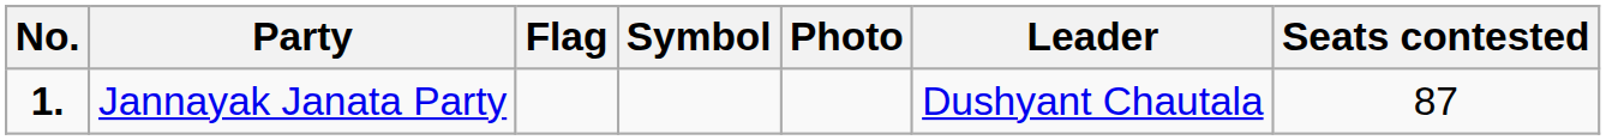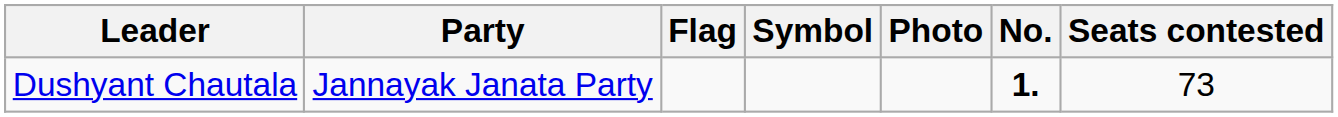 <table class="wikitable">
 <tr>
-<th>No.</th>
+<th>Leader</th>
 <th>Party</th>
 <th>Flag</th>
 <th>Symbol</th>
 <th>Photo</th>
-<th>Leader</th>
+<th>No.</th>
 <th>Seats contested</th>
 </tr>
 <tr>
-<td ! style="text-align:center; background:"><strong>1.</strong></td>
+<td style="text-align:center"><a href='#'>Dushyant Chautala</a></td>
 <td style="text-align:center"><a href='#'>Jannayak Janata Party</a></td>
 <td></td>
 <td></td>
 <td></td>
-<td style="text-align:center"><a href='#'>Dushyant Chautala</a></td>
-<td style="text-align:center">87</td>
+<td ! style="text-align:center; background:"><strong>1.</strong></td>
+<td style="text-align:center">73</td>
 </tr>
 </table>
